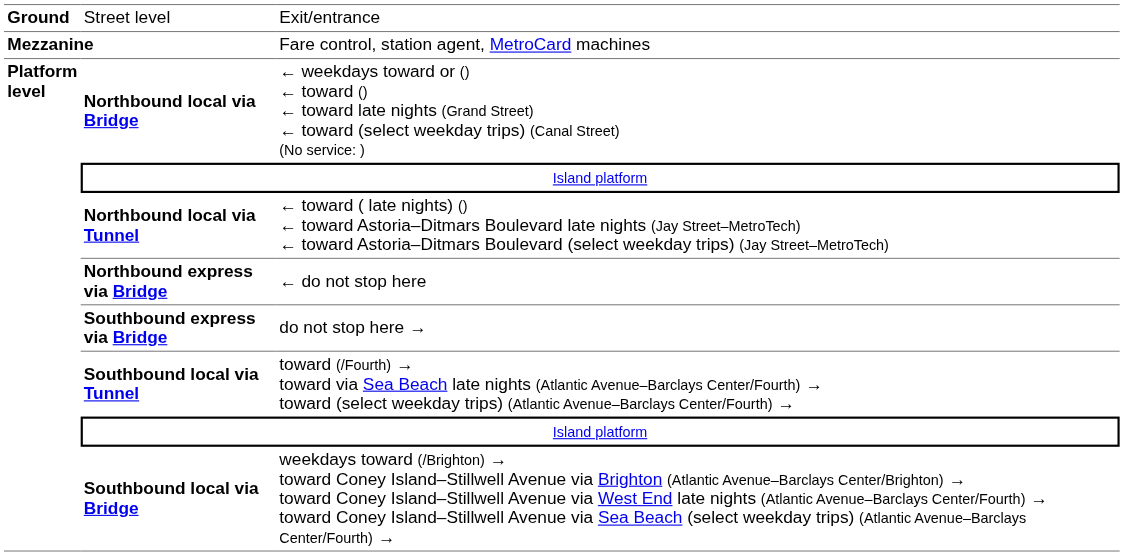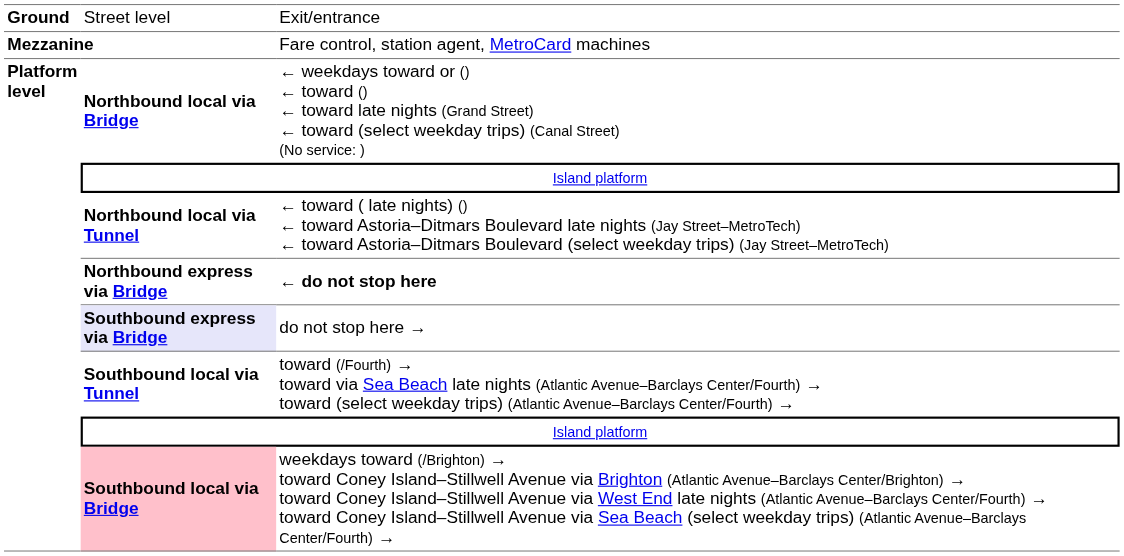 <table table border=0 cellspacing=0 cellpadding=3>
 <tr>
 <td style="border-bottom:solid 1px gray;border-top:solid 1px gray;" width=50><strong>Ground</strong></td>
 <td style="border-top:solid 1px gray;border-bottom:solid 1px gray;" width=175>Street level</td>
 <td style="border-top:solid 1px gray;border-bottom:solid 1px gray;" width=775>Exit/entrance</td>
 </tr>
 <tr>
 <td colspan=2><strong>Mezzanine</strong></td>
 <td>Fare control, station agent, <a href='#'>MetroCard</a> machines<br></td>
 </tr>
 <tr>
 <td style="border-top:solid 1px gray;border-bottom:solid 1px gray;vertical-align:top;" rowspan=8><strong>Platform level</strong></td>
 <td style="border-top:solid 1px gray;"><strong>Northbound local via <a href='#'>Bridge</a></strong></td>
 <td style="border-top:solid 1px gray;">←  weekdays toward  or  <small>()</small><br>←  toward  <small>()</small><br>←  toward  late nights <small>(Grand Street)</small><br>←  toward  (select weekday trips) <small>(Canal Street)</small><br> <small>(No service: )</small></td>
 </tr>
 <tr>
 <td style="border-top:solid 2px black;border-right:solid 2px black;border-left:solid 2px black;border-bottom:solid 2px black;text-align:center;" colspan=2><small><a href='#'>Island platform</a> </small></td>
 </tr>
 <tr>
 <td style="border-bottom:solid 1px gray;"><span><strong>Northbound local via <a href='#'>Tunnel</a></strong></span></td>
 <td style="border-bottom:solid 1px gray;">←  toward  ( late nights) <small>()</small><br>←  toward Astoria–Ditmars Boulevard late nights <small>(Jay Street–MetroTech)</small><br>←  toward Astoria–Ditmars Boulevard (select weekday trips) <small>(Jay Street–MetroTech)</small></td>
 </tr>
 <tr>
 <td style="border-bottom:solid 1px gray;"><strong>Northbound express via <a href='#'>Bridge</a></strong></td>
-<td style="border-bottom:solid 1px gray;">←  do not stop here</td>
+<td style="border-bottom:solid 1px gray;"><strong>←  do not stop here</strong></td>
 </tr>
 <tr>
-<td style="border-bottom:solid 1px gray;"><strong>Southbound express via <a href='#'>Bridge</a></strong></td>
+<td style="background: lavender; border-bottom:solid 1px gray;"><strong>Southbound express via <a href='#'>Bridge</a></strong></td>
 <td style="border-bottom:solid 1px gray;">  do not stop here →</td>
 </tr>
 <tr>
 <td><span><strong>Southbound local via <a href='#'>Tunnel</a></strong></span></td>
 <td>  toward  <small>(/Fourth)</small> →<br>  toward  via <a href='#'>Sea Beach</a> late nights <small>(Atlantic Avenue–Barclays Center/Fourth)</small> →<br>  toward  (select weekday trips) <small>(Atlantic Avenue–Barclays Center/Fourth)</small> →</td>
 </tr>
 <tr>
 <td style="border-top:solid 2px black;border-right:solid 2px black;border-left:solid 2px black;border-bottom:solid 2px black;text-align:center;" colspan=2><small><a href='#'>Island platform</a> </small></td>
 </tr>
 <tr>
-<td style="border-bottom:solid 1px gray;"><strong>Southbound local via <a href='#'>Bridge</a></strong></td>
+<td style="background: pink; border-bottom:solid 1px gray;"><strong>Southbound local via <a href='#'>Bridge</a></strong></td>
 <td style="border-bottom:solid 1px gray;">  weekdays toward  <small>(/Brighton)</small> →<br>  toward Coney Island–Stillwell Avenue via <a href='#'>Brighton</a> <small>(Atlantic Avenue–Barclays Center/Brighton)</small> →<br>  toward Coney Island–Stillwell Avenue via <a href='#'>West End</a> late nights <small>(Atlantic Avenue–Barclays Center/Fourth)</small> →<br>  toward Coney Island–Stillwell Avenue via <a href='#'>Sea Beach</a> (select weekday trips) <small>(Atlantic Avenue–Barclays Center/Fourth)</small> →</td>
 </tr>
 </table>
